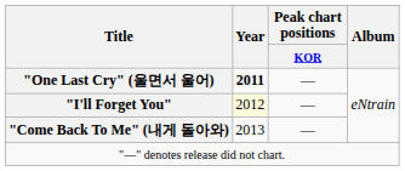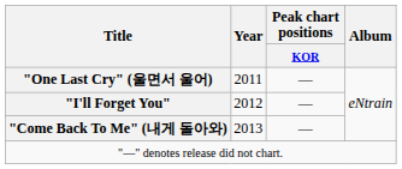 <table class="wikitable plainrowheaders" style="text-align:center;">
 <tr>
 <th scope="col" rowspan="2">Title</th>
 <th scope="col" rowspan="2">Year</th>
 <th scope="col" colspan="1" style="width:5em;">Peak chart positions</th>
 <th scope="col" rowspan="2">Album</th>
 </tr>
 <tr>
 <th><small><a href='#'>KOR</a><br></small></th>
 </tr>
 <tr>
 <th scope="row">"One Last Cry" (울면서 울어)</th>
-<td><strong>2011</strong></td>
+<td>2011</td>
 <td>—</td>
 <td rowspan="3"><em>eNtrain</em></td>
 </tr>
 <tr>
 <th scope="row">"I'll Forget You"</th>
-<td style="background: lightyellow;">2012</td>
+<td>2012</td>
 <td>—</td>
 </tr>
 <tr>
 <th scope="row">"Come Back To Me" (내게 돌아와)</th>
 <td>2013</td>
 <td>—</td>
 </tr>
 <tr>
 <td colspan="4"><small>"—" denotes release did not chart.</small></td>
 </tr>
 </table>
